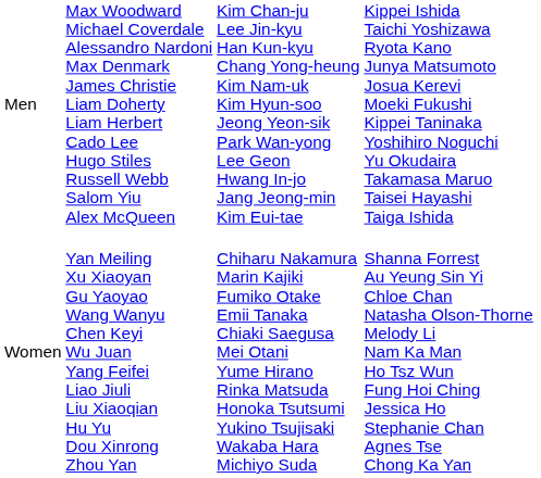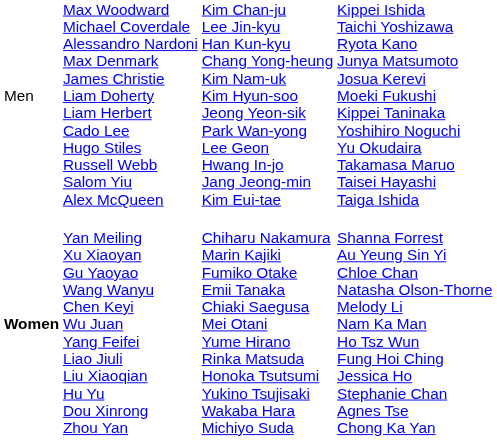 <table>
 <tr>
 <td>Men<br></td>
 <td><br><a href='#'>Max Woodward</a><br><a href='#'>Michael Coverdale</a><br><a href='#'>Alessandro Nardoni</a><br><a href='#'>Max Denmark</a><br><a href='#'>James Christie</a><br><a href='#'>Liam Doherty</a><br><a href='#'>Liam Herbert</a><br><a href='#'>Cado Lee</a> <br><a href='#'>Hugo Stiles</a><br><a href='#'>Russell Webb</a><br><a href='#'>Salom Yiu</a><br><a href='#'>Alex McQueen</a></td>
 <td><br><a href='#'>Kim Chan-ju</a><br><a href='#'>Lee Jin-kyu</a><br><a href='#'>Han Kun-kyu</a><br><a href='#'>Chang Yong-heung</a><br><a href='#'>Kim Nam-uk</a><br><a href='#'>Kim Hyun-soo</a><br><a href='#'>Jeong Yeon-sik</a><br><a href='#'>Park Wan-yong</a><br><a href='#'>Lee Geon</a><br><a href='#'>Hwang In-jo</a><br><a href='#'>Jang Jeong-min</a><br><a href='#'>Kim Eui-tae</a></td>
 <td><br><a href='#'>Kippei Ishida</a><br><a href='#'>Taichi Yoshizawa</a><br><a href='#'>Ryota Kano</a><br><a href='#'>Junya Matsumoto</a><br><a href='#'>Josua Kerevi</a><br><a href='#'>Moeki Fukushi</a><br><a href='#'>Kippei Taninaka</a><br><a href='#'>Yoshihiro Noguchi</a><br><a href='#'>Yu Okudaira</a><br><a href='#'>Takamasa Maruo</a><br><a href='#'>Taisei Hayashi</a><br><a href='#'>Taiga Ishida</a></td>
 </tr>
 <tr>
-<td>Women<br></td>
+<td><strong>Women<br></strong></td>
 <td><br><a href='#'>Yan Meiling</a><br><a href='#'>Xu Xiaoyan</a><br><a href='#'>Gu Yaoyao</a><br><a href='#'>Wang Wanyu</a><br><a href='#'>Chen Keyi</a><br><a href='#'>Wu Juan</a><br><a href='#'>Yang Feifei</a><br><a href='#'>Liao Jiuli</a><br><a href='#'>Liu Xiaoqian</a><br><a href='#'>Hu Yu</a><br><a href='#'>Dou Xinrong</a><br><a href='#'>Zhou Yan</a></td>
 <td><br><a href='#'>Chiharu Nakamura</a><br><a href='#'>Marin Kajiki</a><br><a href='#'>Fumiko Otake</a><br><a href='#'>Emii Tanaka</a><br><a href='#'>Chiaki Saegusa</a><br><a href='#'>Mei Otani</a><br><a href='#'>Yume Hirano</a><br><a href='#'>Rinka Matsuda</a><br><a href='#'>Honoka Tsutsumi</a><br><a href='#'>Yukino Tsujisaki</a><br><a href='#'>Wakaba Hara</a><br><a href='#'>Michiyo Suda</a></td>
 <td><br><a href='#'>Shanna Forrest</a><br><a href='#'>Au Yeung Sin Yi</a><br><a href='#'>Chloe Chan</a><br><a href='#'>Natasha Olson-Thorne</a><br><a href='#'>Melody Li</a><br><a href='#'>Nam Ka Man</a><br><a href='#'>Ho Tsz Wun</a><br><a href='#'>Fung Hoi Ching</a><br><a href='#'>Jessica Ho</a><br><a href='#'>Stephanie Chan</a><br><a href='#'>Agnes Tse</a><br><a href='#'>Chong Ka Yan</a></td>
 </tr>
 </table>
